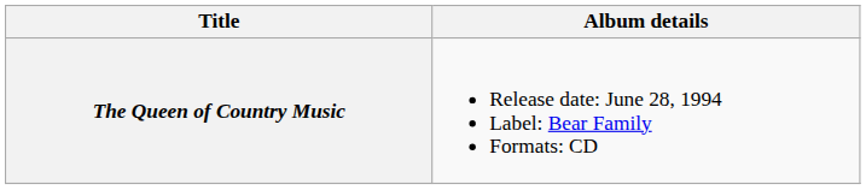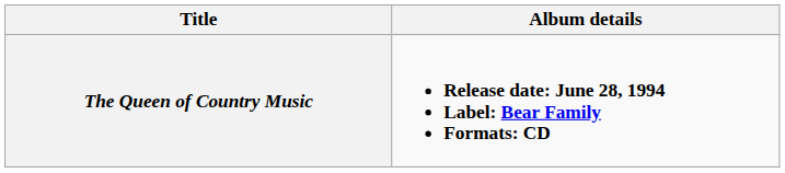 <table class="wikitable plainrowheaders" style="text-align:center;">
 <tr>
 <th scope="col" style="width:20em;">Title</th>
 <th scope="col" style="width:20em;">Album details</th>
 </tr>
 <tr>
 <th scope="row"><em>The Queen of Country Music</em></th>
-<td align="left"><br><ul><li>Release date: June 28, 1994</li><li>Label: <a href='#'>Bear Family</a></li><li>Formats: CD</li></ul></td>
+<td align="left"><strong><br><ul><li>Release date: June 28, 1994</li><li>Label: <a href='#'>Bear Family</a></li><li>Formats: CD</li></ul></strong></td>
 </tr>
 <tr>
 </tr>
 </table>
